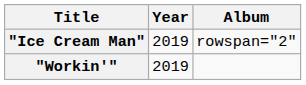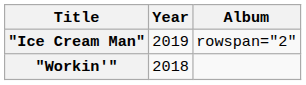 <table class="wikitable plainrowheaders" style="text-align:center">
 <tr>
 <th>Title</th>
 <th>Year</th>
 <th>Album</th>
 </tr>
 <tr>
 <th scope="row">"Ice Cream Man"</th>
 <td>2019</td>
 <td>rowspan="2" </td>
 </tr>
 <tr>
 <th scope="row">"Workin'"</th>
-<td>2019</td>
+<td>2018</td>
 </tr>
 </table>
